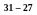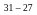 <table style="text-align:center">
 <tr>
 <th width=200></th>
 <th width=100></th>
 <th width=200></th>
 </tr>
 <tr>
 <td align=right><strong></strong></td>
-<td><strong>31 – 27</strong></td>
+<td>31 – 27</td>
 <td align=left></td>
 </tr>
 </table>
